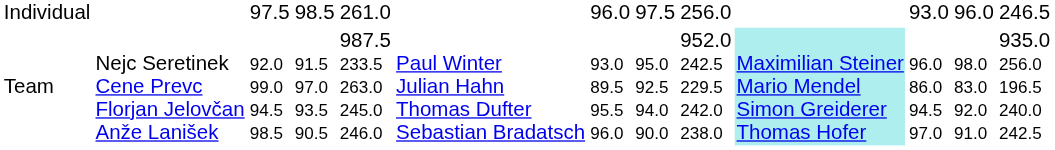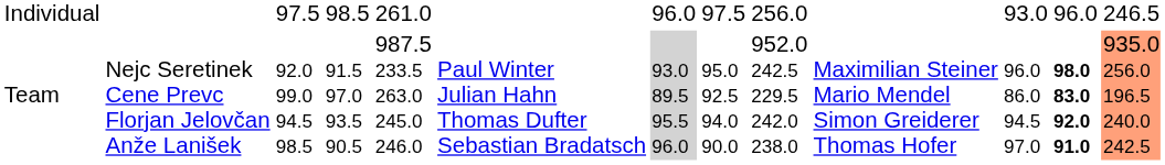 <table>
 <tr>
 <td>Individual</td>
 <td></td>
 <td>97.5</td>
 <td>98.5</td>
 <td>261.0</td>
 <td></td>
 <td>96.0</td>
 <td>97.5</td>
 <td>256.0</td>
 <td></td>
 <td>93.0</td>
 <td>96.0</td>
 <td>246.5</td>
 </tr>
 <tr>
 <td>Team</td>
 <td><br>Nejc Seretinek<br><a href='#'>Cene Prevc</a><br><a href='#'>Florjan Jelovčan</a><br><a href='#'>Anže Lanišek</a></td>
 <td><br><small>92.0<br>99.0<br>94.5<br>98.5</small></td>
 <td><br><small>91.5<br>97.0<br>93.5<br>90.5</small></td>
 <td>987.5<br><small>233.5<br>263.0<br>245.0<br>246.0</small></td>
 <td><br><a href='#'>Paul Winter</a><br><a href='#'>Julian Hahn</a><br><a href='#'>Thomas Dufter</a><br><a href='#'>Sebastian Bradatsch</a></td>
-<td><br><small>93.0<br>89.5<br>95.5<br>96.0</small></td>
+<td style="background: lightgrey;"><br><small>93.0<br>89.5<br>95.5<br>96.0</small></td>
 <td><br><small>95.0<br>92.5<br>94.0<br>90.0</small></td>
 <td>952.0<br><small>242.5<br>229.5<br>242.0<br>238.0</small></td>
-<td style="background: paleturquoise;"><br><a href='#'>Maximilian Steiner</a><br><a href='#'>Mario Mendel</a><br><a href='#'>Simon Greiderer</a><br><a href='#'>Thomas Hofer</a></td>
+<td><br><a href='#'>Maximilian Steiner</a><br><a href='#'>Mario Mendel</a><br><a href='#'>Simon Greiderer</a><br><a href='#'>Thomas Hofer</a></td>
 <td><br><small>96.0<br>86.0<br>94.5<br>97.0</small></td>
-<td><br><small>98.0<br>83.0<br>92.0<br>91.0</small></td>
-<td>935.0<br><small>256.0<br>196.5<br>240.0<br>242.5</small></td>
+<td><strong><br><small>98.0<br>83.0<br>92.0<br>91.0</small></strong></td>
+<td style="background: lightsalmon;">935.0<br><small>256.0<br>196.5<br>240.0<br>242.5</small></td>
 </tr>
 </table>
